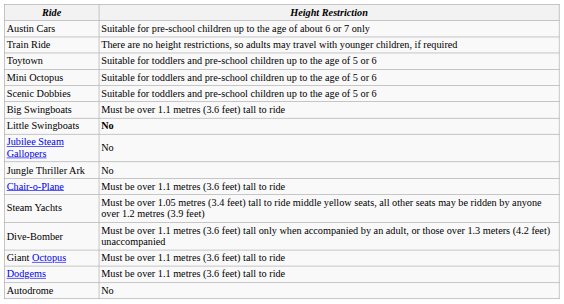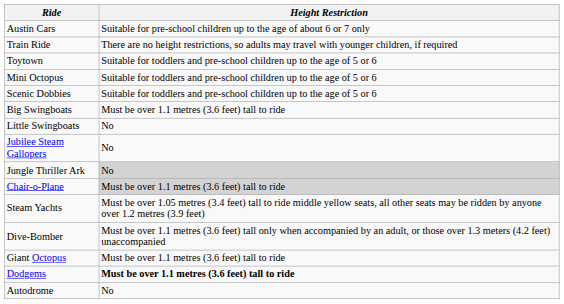 <table class="wikitable">
 <tr>
 <th><em>Ride</em></th>
 <th><em>Height Restriction</em></th>
 </tr>
 <tr>
 <td>Austin Cars</td>
 <td>Suitable for pre-school children up to the age of about 6 or 7 only</td>
 </tr>
 <tr>
 <td>Train Ride</td>
 <td>There are no height restrictions, so adults may travel with younger children, if required</td>
 </tr>
 <tr>
 <td>Toytown</td>
 <td>Suitable for toddlers and pre-school children up to the age of 5 or 6</td>
 </tr>
 <tr>
 <td>Mini Octopus</td>
 <td>Suitable for toddlers and pre-school children up to the age of 5 or 6</td>
 </tr>
 <tr>
 <td>Scenic Dobbies</td>
 <td>Suitable for toddlers and pre-school children up to the age of 5 or 6</td>
 </tr>
 <tr>
 <td>Big Swingboats</td>
 <td>Must be over 1.1 metres (3.6 feet) tall to ride</td>
 </tr>
 <tr>
 <td>Little Swingboats</td>
-<td><strong>No</strong></td>
+<td>No</td>
 </tr>
 <tr>
 <td><a href='#'>Jubilee Steam Gallopers</a></td>
 <td>No</td>
 </tr>
 <tr>
 <td>Jungle Thriller Ark</td>
-<td>No</td>
+<td style="background: lightgrey;">No</td>
 </tr>
 <tr>
 <td><a href='#'>Chair-o-Plane</a></td>
-<td>Must be over 1.1 metres (3.6 feet) tall to ride</td>
+<td style="background: lightgrey;">Must be over 1.1 metres (3.6 feet) tall to ride</td>
 </tr>
 <tr>
 <td>Steam Yachts</td>
 <td>Must be over 1.05 metres (3.4 feet) tall to ride middle yellow seats, all other seats may be ridden by anyone over 1.2 metres (3.9 feet)</td>
 </tr>
 <tr>
 <td>Dive-Bomber</td>
 <td>Must be over 1.1 metres (3.6 feet) tall only when accompanied by an adult, or those over 1.3 meters (4.2 feet) unaccompanied</td>
 </tr>
 <tr>
 <td>Giant <a href='#'>Octopus</a></td>
 <td>Must be over 1.1 metres (3.6 feet) tall to ride</td>
 </tr>
 <tr>
 <td><a href='#'>Dodgems</a></td>
-<td>Must be over 1.1 metres (3.6 feet) tall to ride</td>
+<td><strong>Must be over 1.1 metres (3.6 feet) tall to ride</strong></td>
 </tr>
 <tr>
 <td>Autodrome</td>
 <td>No</td>
 </tr>
 </table>
